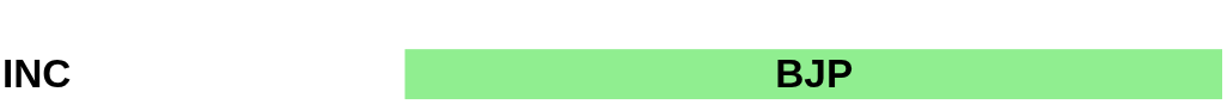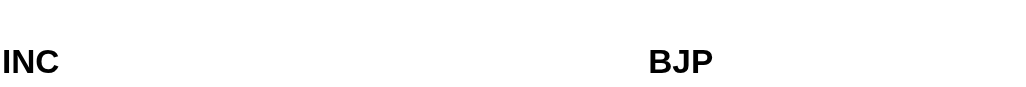 <table style="width:100%; text-align:center;">
 <tr style="color:white;">
 <td style="background:"><strong>5</strong></td>
 <td style="background:"><strong>5</strong></td>
 </tr>
 <tr>
 <td><span><strong>INC</strong></span></td>
-<td style="background: lightgreen;"><span><strong>BJP</strong></span></td>
+<td><span><strong>BJP</strong></span></td>
 </tr>
 </table>
